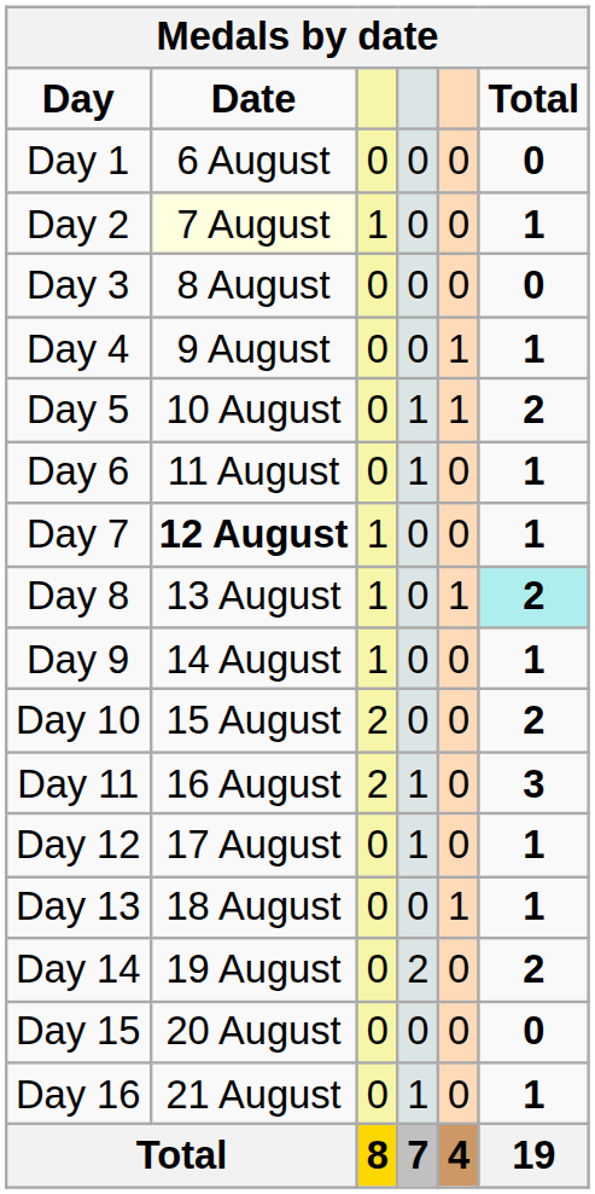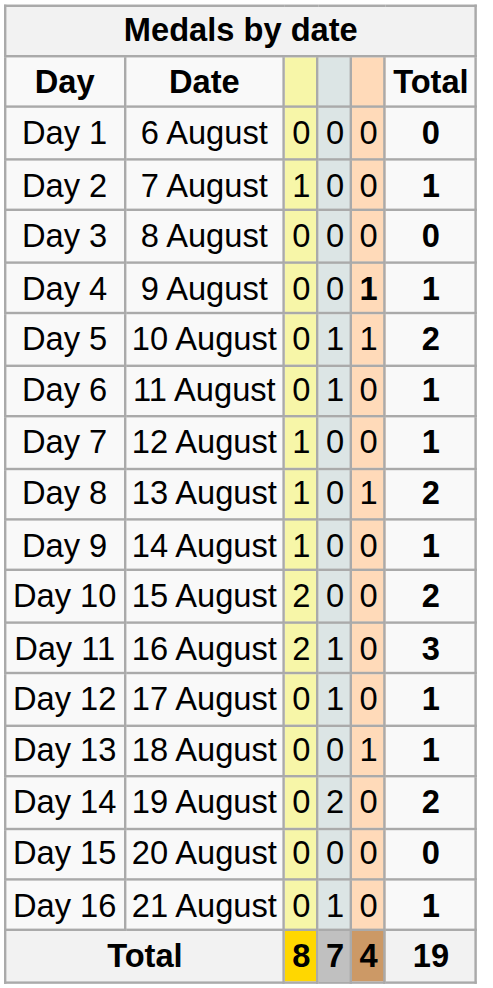 <table class=wikitable style="font-size:85%" align="left" valign="top">
 <tr bgcolor=efefef>
 <th colspan=6>Medals by date</th>
 </tr>
 <tr align=center>
 <td><strong>Day</strong></td>
 <td><strong>Date</strong></td>
 <td bgcolor=#f7f6a8></td>
 <td bgcolor=#dce5e5></td>
 <td bgcolor=#ffdab9></td>
 <td><strong>Total</strong></td>
 </tr>
 <tr align=center>
 <td>Day 1</td>
 <td>6 August</td>
 <td bgcolor=F7F6A8>0</td>
 <td bgcolor=DCE5E5>0</td>
 <td bgcolor=FFDAB9>0</td>
 <td><strong>0</strong></td>
 </tr>
 <tr align=center>
 <td>Day 2</td>
-<td style="background: lightyellow;">7 August</td>
+<td>7 August</td>
 <td bgcolor=F7F6A8>1</td>
 <td bgcolor=DCE5E5>0</td>
 <td bgcolor=FFDAB9>0</td>
 <td><strong>1</strong></td>
 </tr>
 <tr align=center>
 <td>Day 3</td>
 <td>8 August</td>
 <td bgcolor=F7F6A8>0</td>
 <td bgcolor=DCE5E5>0</td>
 <td bgcolor=FFDAB9>0</td>
 <td><strong>0</strong></td>
 </tr>
 <tr align=center>
 <td>Day 4</td>
 <td>9 August</td>
 <td bgcolor=F7F6A8>0</td>
 <td bgcolor=DCE5E5>0</td>
-<td bgcolor=FFDAB9>1</td>
+<td bgcolor=FFDAB9><strong>1</strong></td>
 <td><strong>1</strong></td>
 </tr>
 <tr align=center>
 <td>Day 5</td>
 <td>10 August</td>
 <td bgcolor=F7F6A8>0</td>
 <td bgcolor=DCE5E5>1</td>
 <td bgcolor=FFDAB9>1</td>
 <td><strong>2</strong></td>
 </tr>
 <tr align=center>
 <td>Day 6</td>
 <td>11 August</td>
 <td bgcolor=F7F6A8>0</td>
 <td bgcolor=DCE5E5>1</td>
 <td bgcolor=FFDAB9>0</td>
 <td><strong>1</strong></td>
 </tr>
 <tr align=center>
 <td>Day 7</td>
-<td><strong>12 August</strong></td>
+<td>12 August</td>
 <td bgcolor=F7F6A8>1</td>
 <td bgcolor=DCE5E5>0</td>
 <td bgcolor=FFDAB9>0</td>
 <td><strong>1</strong></td>
 </tr>
 <tr align=center>
 <td>Day 8</td>
 <td>13 August</td>
 <td bgcolor=F7F6A8>1</td>
 <td bgcolor=DCE5E5>0</td>
 <td bgcolor=FFDAB9>1</td>
-<td style="background: paleturquoise;"><strong>2</strong></td>
+<td><strong>2</strong></td>
 </tr>
 <tr align=center>
 <td>Day 9</td>
 <td>14 August</td>
 <td bgcolor=F7F6A8>1</td>
 <td bgcolor=DCE5E5>0</td>
 <td bgcolor=FFDAB9>0</td>
 <td><strong>1</strong></td>
 </tr>
 <tr align=center>
 <td>Day 10</td>
 <td>15 August</td>
 <td bgcolor=F7F6A8>2</td>
 <td bgcolor=DCE5E5>0</td>
 <td bgcolor=FFDAB9>0</td>
 <td><strong>2</strong></td>
 </tr>
 <tr align=center>
 <td>Day 11</td>
 <td>16 August</td>
 <td bgcolor=F7F6A8>2</td>
 <td bgcolor=DCE5E5>1</td>
 <td bgcolor=FFDAB9>0</td>
 <td><strong>3</strong></td>
 </tr>
 <tr align=center>
 <td>Day 12</td>
 <td>17 August</td>
 <td bgcolor=F7F6A8>0</td>
 <td bgcolor=DCE5E5>1</td>
 <td bgcolor=FFDAB9>0</td>
 <td><strong>1</strong></td>
 </tr>
 <tr align=center>
 <td>Day 13</td>
 <td>18 August</td>
 <td bgcolor=F7F6A8>0</td>
 <td bgcolor=DCE5E5>0</td>
 <td bgcolor=FFDAB9>1</td>
 <td><strong>1</strong></td>
 </tr>
 <tr align=center>
 <td>Day 14</td>
 <td>19 August</td>
 <td bgcolor=F7F6A8>0</td>
 <td bgcolor=DCE5E5>2</td>
 <td bgcolor=FFDAB9>0</td>
 <td><strong>2</strong></td>
 </tr>
 <tr align=center>
 <td>Day 15</td>
 <td>20 August</td>
 <td bgcolor=F7F6A8>0</td>
 <td bgcolor=DCE5E5>0</td>
 <td bgcolor=FFDAB9>0</td>
 <td><strong>0</strong></td>
 </tr>
 <tr align=center>
 <td>Day 16</td>
 <td>21 August</td>
 <td bgcolor=F7F6A8>0</td>
 <td bgcolor=DCE5E5>1</td>
 <td bgcolor=FFDAB9>0</td>
 <td><strong>1</strong></td>
 </tr>
 <tr>
 <th colspan=2>Total</th>
 <th style="background:gold">8</th>
 <th style="background:silver">7</th>
 <th style="background:#c96">4</th>
 <th>19</th>
 </tr>
 </table>
